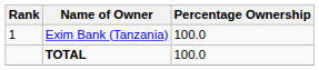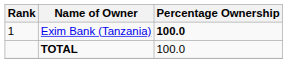 <table class="wikitable sortable" style="margin-left:auto;margin-right:auto">
 <tr>
 <th style="width:2em;">Rank</th>
 <th>Name of Owner</th>
 <th>Percentage Ownership</th>
 </tr>
 <tr>
 <td>1</td>
 <td><a href='#'>Exim Bank (Tanzania)</a></td>
-<td>100.0</td>
+<td><strong>100.0</strong></td>
 </tr>
 <tr>
 <td></td>
 <td><strong>TOTAL</strong></td>
 <td>100.0</td>
 </tr>
 <tr>
 </tr>
 </table>
